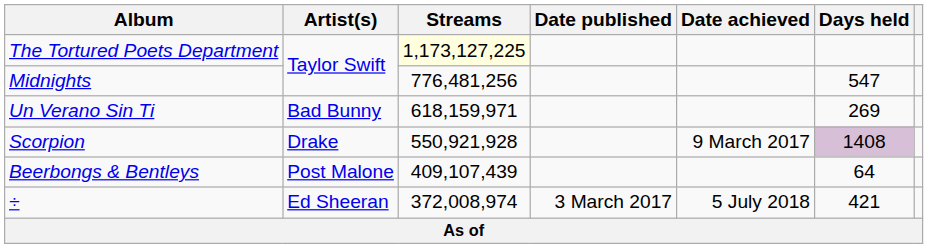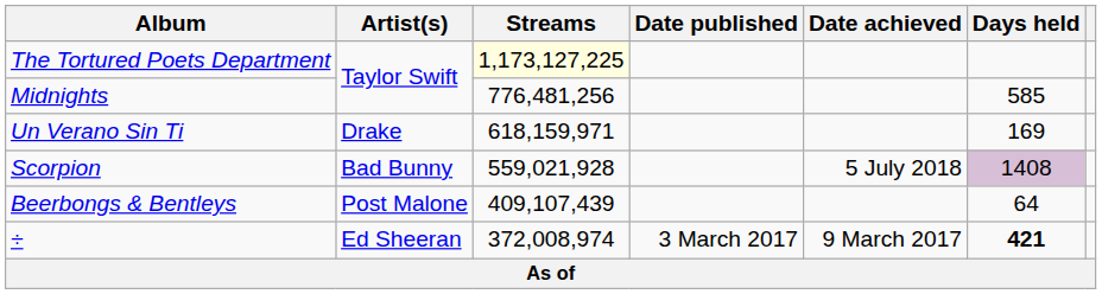 <table class="wikitable sortable">
 <tr>
 <th>Album</th>
 <th>Artist(s)</th>
 <th>Streams</th>
 <th>Date published</th>
 <th>Date achieved</th>
 <th>Days held</th>
 <th class="unsortable"></th>
 </tr>
 <tr>
 <td><em><a href='#'>The Tortured Poets Department</a></em></td>
 <td rowspan="2"><a href='#'>Taylor Swift</a></td>
 <td style="background: lightyellow; text-align:center;">1,173,127,225</td>
 <td style="text-align:right;"></td>
 <td style="text-align:right;"></td>
 <td style="text-align:center;"><strong></strong></td>
 <td style="text-align:center;"></td>
 </tr>
 <tr>
 <td><em><a href='#'>Midnights</a></em></td>
 <td style="text-align:center;">776,481,256</td>
 <td style="text-align:right;"></td>
 <td style="text-align:right;"></td>
-<td style="text-align:center;">547</td>
+<td style="text-align:center;">585</td>
 <td style="text-align:center;"></td>
 </tr>
 <tr>
 <td><em><a href='#'>Un Verano Sin Ti</a></em></td>
-<td><a href='#'>Bad Bunny</a></td>
+<td><a href='#'>Drake</a></td>
 <td style="text-align:center;">618,159,971</td>
 <td style="text-align:right;"></td>
 <td style="text-align:right;"></td>
-<td style="text-align:center;">269</td>
+<td style="text-align:center;">169</td>
 <td style="text-align:center;"></td>
 </tr>
 <tr>
 <td><em> <a href='#'>Scorpion</a></em></td>
-<td><a href='#'>Drake</a></td>
-<td style="text-align:center;">550,921,928</td>
+<td><a href='#'>Bad Bunny</a></td>
+<td style="text-align:center;">559,021,928</td>
 <td style="text-align:right;"></td>
-<td style="text-align:right;">9 March 2017</td>
+<td style="text-align:right;">5 July 2018</td>
 <td style="text-align:center; background-color:#D8BFD8">1408 </td>
 <td style="text-align:center;"></td>
 </tr>
 <tr>
 <td><em><a href='#'>Beerbongs & Bentleys</a></em></td>
 <td><a href='#'>Post Malone</a></td>
 <td style="text-align:center;">409,107,439</td>
 <td style="text-align:right";></td>
 <td style="text-align:right";></td>
 <td style="text-align:center;">64</td>
 <td style="text-align:center;"></td>
 </tr>
 <tr>
 <td><em><a href='#'>÷</a></em></td>
 <td><a href='#'>Ed Sheeran</a></td>
 <td style="text-align:center;">372,008,974</td>
 <td style="text-align:right;">3 March 2017</td>
-<td style="text-align:right;">5 July 2018</td>
-<td style="text-align:center;">421</td>
+<td style="text-align:right;">9 March 2017</td>
+<td style="text-align:center;"><strong>421</strong></td>
 <td style="text-align:center;"></td>
 </tr>
 <tr>
 <th colspan="9" style="text-align:center; font-size:85%;"> As of </th>
 </tr>
 </table>
